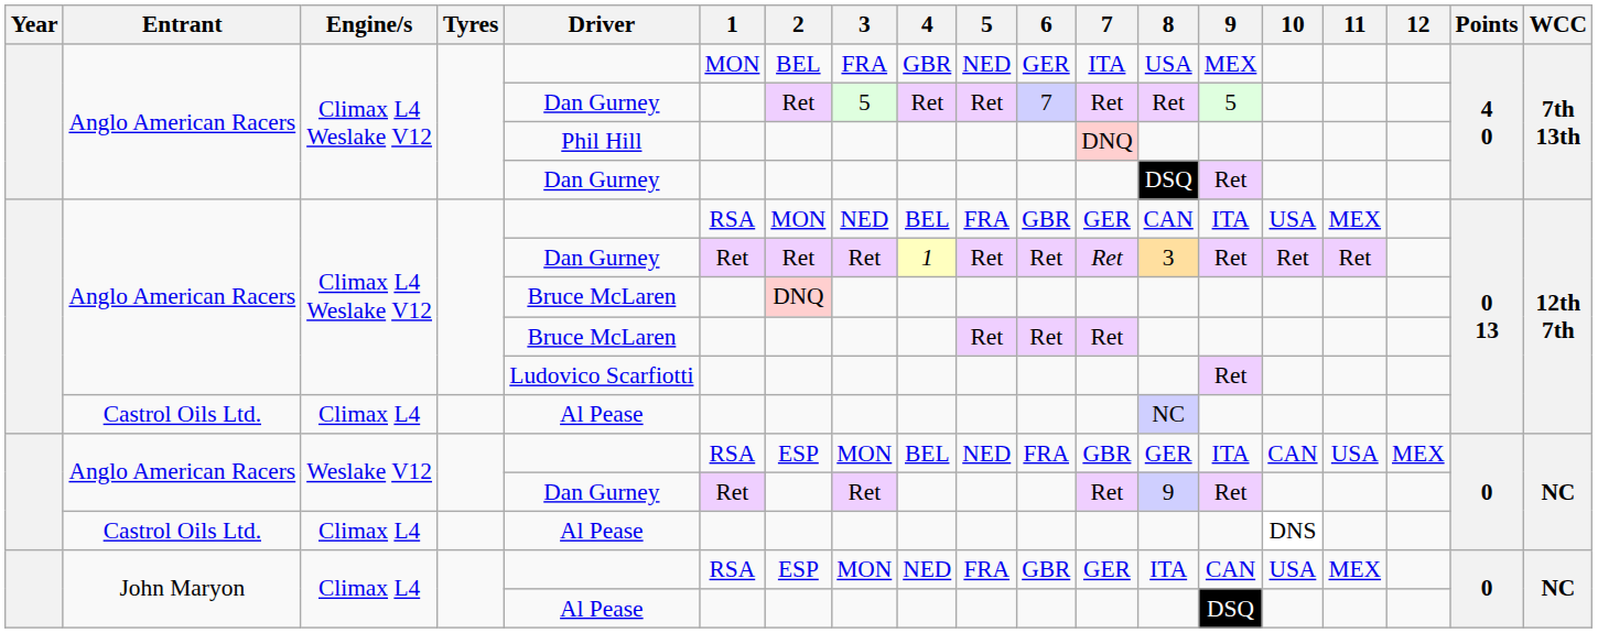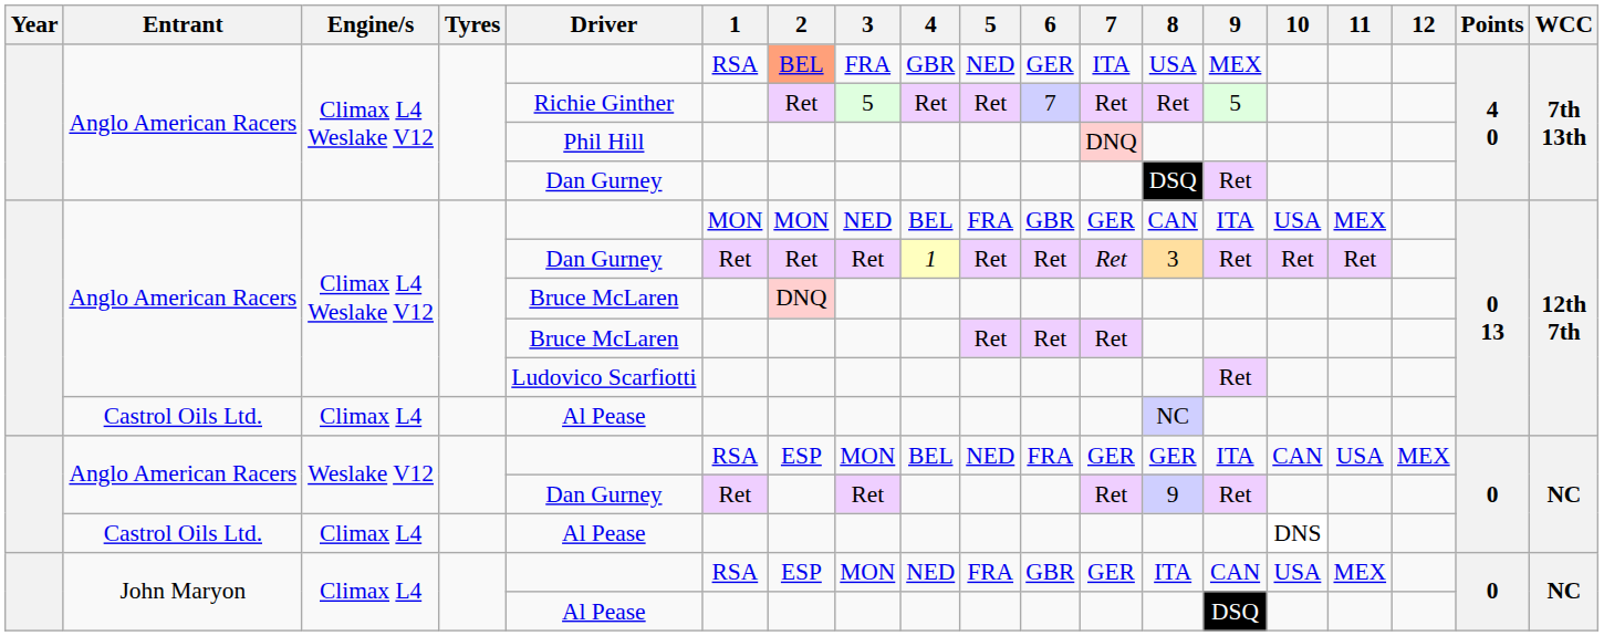 <table class="wikitable" style="text-align:center; font-size:95%">
 <tr>
 <th>Year</th>
 <th>Entrant</th>
 <th>Engine/s</th>
 <th>Tyres</th>
 <th>Driver</th>
 <th>1</th>
 <th>2</th>
 <th>3</th>
 <th>4</th>
 <th>5</th>
 <th>6</th>
 <th>7</th>
 <th>8</th>
 <th>9</th>
 <th>10</th>
 <th>11</th>
 <th>12</th>
 <th>Points</th>
 <th>WCC</th>
 </tr>
 <tr>
 <th rowspan="4"></th>
 <td rowspan="4"><a href='#'>Anglo American Racers</a></td>
 <td rowspan="4"><a href='#'>Climax</a> <a href='#'>L4</a><br><a href='#'>Weslake</a> <a href='#'>V12</a></td>
 <td rowspan="4"></td>
 <td></td>
-<td><a href='#'>MON</a></td>
-<td><a href='#'>BEL</a></td>
+<td><a href='#'>RSA</a></td>
+<td style="background: lightsalmon;"><a href='#'>BEL</a></td>
 <td><a href='#'>FRA</a></td>
 <td><a href='#'>GBR</a></td>
 <td><a href='#'>NED</a></td>
 <td><a href='#'>GER</a></td>
 <td><a href='#'>ITA</a></td>
 <td><a href='#'>USA</a></td>
 <td><a href='#'>MEX</a></td>
 <td></td>
 <td></td>
 <td></td>
 <th rowspan="4">4<br>0</th>
 <th rowspan="4">7th<br>13th</th>
 </tr>
 <tr>
-<td><a href='#'>Dan Gurney</a></td>
+<td><a href='#'>Richie Ginther</a></td>
 <td></td>
 <td style="background:#EFCFFF;">Ret</td>
 <td style="background:#DFFFDF;">5</td>
 <td style="background:#EFCFFF;">Ret</td>
 <td style="background:#EFCFFF;">Ret</td>
 <td style="background:#CFCFFF;">7</td>
 <td style="background:#EFCFFF;">Ret</td>
 <td style="background:#EFCFFF;">Ret</td>
 <td style="background:#DFFFDF;">5</td>
 <td></td>
 <td></td>
 <td></td>
 </tr>
 <tr>
 <td><a href='#'>Phil Hill</a></td>
 <td></td>
 <td></td>
 <td></td>
 <td></td>
 <td></td>
 <td></td>
 <td style="background:#FFCFCF;">DNQ</td>
 <td></td>
 <td></td>
 <td></td>
 <td></td>
 <td></td>
 </tr>
 <tr>
 <td><a href='#'>Dan Gurney</a></td>
 <td></td>
 <td></td>
 <td></td>
 <td></td>
 <td></td>
 <td></td>
 <td></td>
 <td style="background:#000000; color:#ffffff">DSQ</td>
 <td style="background:#EFCFFF;">Ret</td>
 <td></td>
 <td></td>
 <td></td>
 </tr>
 <tr>
 <th rowspan="6"></th>
 <td rowspan="5"><a href='#'>Anglo American Racers</a></td>
 <td rowspan="5"><a href='#'>Climax</a> <a href='#'>L4</a><br><a href='#'>Weslake</a> <a href='#'>V12</a></td>
 <td rowspan="5"></td>
 <td></td>
-<td><a href='#'>RSA</a></td>
+<td><a href='#'>MON</a></td>
 <td><a href='#'>MON</a></td>
 <td><a href='#'>NED</a></td>
 <td><a href='#'>BEL</a></td>
 <td><a href='#'>FRA</a></td>
 <td><a href='#'>GBR</a></td>
 <td><a href='#'>GER</a></td>
 <td><a href='#'>CAN</a></td>
 <td><a href='#'>ITA</a></td>
 <td><a href='#'>USA</a></td>
 <td><a href='#'>MEX</a></td>
 <td></td>
 <th rowspan="6">0<br>13</th>
 <th rowspan="6">12th<br>7th</th>
 </tr>
 <tr>
 <td><a href='#'>Dan Gurney</a></td>
 <td style="background:#EFCFFF;">Ret</td>
 <td style="background:#EFCFFF;">Ret</td>
 <td style="background:#EFCFFF;">Ret</td>
 <td style="background:#FFFFBF;"><em>1</em></td>
 <td style="background:#EFCFFF;">Ret</td>
 <td style="background:#EFCFFF;">Ret</td>
 <td style="background:#EFCFFF;"><em>Ret</em></td>
 <td style="background:#FFDF9F;">3</td>
 <td style="background:#EFCFFF;">Ret</td>
 <td style="background:#EFCFFF;">Ret</td>
 <td style="background:#EFCFFF;">Ret</td>
 <td></td>
 </tr>
 <tr>
 <td><a href='#'>Bruce McLaren</a></td>
 <td></td>
 <td style="background:#FFCFCF;">DNQ</td>
 <td></td>
 <td></td>
 <td></td>
 <td></td>
 <td></td>
 <td></td>
 <td></td>
 <td></td>
 <td></td>
 <td></td>
 </tr>
 <tr>
 <td><a href='#'>Bruce McLaren</a></td>
 <td></td>
 <td></td>
 <td></td>
 <td></td>
 <td style="background:#EFCFFF;">Ret</td>
 <td style="background:#EFCFFF;">Ret</td>
 <td style="background:#EFCFFF;">Ret</td>
 <td></td>
 <td></td>
 <td></td>
 <td></td>
 <td></td>
 </tr>
 <tr>
 <td><a href='#'>Ludovico Scarfiotti</a></td>
 <td></td>
 <td></td>
 <td></td>
 <td></td>
 <td></td>
 <td></td>
 <td></td>
 <td></td>
 <td style="background:#EFCFFF;">Ret</td>
 <td></td>
 <td></td>
 <td></td>
 </tr>
 <tr>
 <td><a href='#'>Castrol Oils Ltd.</a></td>
 <td><a href='#'>Climax</a> <a href='#'>L4</a></td>
 <td></td>
 <td><a href='#'>Al Pease</a></td>
 <td></td>
 <td></td>
 <td></td>
 <td></td>
 <td></td>
 <td></td>
 <td></td>
 <td style="background:#CFCFFF;">NC</td>
 <td></td>
 <td></td>
 <td></td>
 <td></td>
 </tr>
 <tr>
 <th rowspan="3"></th>
 <td rowspan="2"><a href='#'>Anglo American Racers</a></td>
 <td rowspan="2"><a href='#'>Weslake</a> <a href='#'>V12</a></td>
 <td rowspan="2"></td>
 <td></td>
 <td><a href='#'>RSA</a></td>
 <td><a href='#'>ESP</a></td>
 <td><a href='#'>MON</a></td>
 <td><a href='#'>BEL</a></td>
 <td><a href='#'>NED</a></td>
 <td><a href='#'>FRA</a></td>
-<td><a href='#'>GBR</a></td>
+<td><a href='#'>GER</a></td>
 <td><a href='#'>GER</a></td>
 <td><a href='#'>ITA</a></td>
 <td><a href='#'>CAN</a></td>
 <td><a href='#'>USA</a></td>
 <td><a href='#'>MEX</a></td>
 <th rowspan="3">0</th>
 <th rowspan="3">NC</th>
 </tr>
 <tr>
 <td><a href='#'>Dan Gurney</a></td>
 <td style="background:#EFCFFF;">Ret</td>
 <td></td>
 <td style="background:#EFCFFF;">Ret</td>
 <td></td>
 <td></td>
 <td></td>
 <td style="background:#EFCFFF;">Ret</td>
 <td style="background:#CFCFFF;">9</td>
 <td style="background:#EFCFFF;">Ret</td>
 <td></td>
 <td></td>
 <td></td>
 </tr>
 <tr>
 <td><a href='#'>Castrol Oils Ltd.</a></td>
 <td><a href='#'>Climax</a> <a href='#'>L4</a></td>
 <td></td>
 <td><a href='#'>Al Pease</a></td>
 <td></td>
 <td></td>
 <td></td>
 <td></td>
 <td></td>
 <td></td>
 <td></td>
 <td></td>
 <td></td>
 <td style="background:#ffffff;">DNS</td>
 <td></td>
 <td></td>
 </tr>
 <tr>
 <th rowspan="2"></th>
 <td rowspan="2">John Maryon</td>
 <td rowspan="2"><a href='#'>Climax</a> <a href='#'>L4</a></td>
 <td rowspan="2"></td>
 <td></td>
 <td><a href='#'>RSA</a></td>
 <td><a href='#'>ESP</a></td>
 <td><a href='#'>MON</a></td>
 <td><a href='#'>NED</a></td>
 <td><a href='#'>FRA</a></td>
 <td><a href='#'>GBR</a></td>
 <td><a href='#'>GER</a></td>
 <td><a href='#'>ITA</a></td>
 <td><a href='#'>CAN</a></td>
 <td><a href='#'>USA</a></td>
 <td><a href='#'>MEX</a></td>
 <td></td>
 <th rowspan="2">0</th>
 <th rowspan="2">NC</th>
 </tr>
 <tr>
 <td><a href='#'>Al Pease</a></td>
 <td></td>
 <td></td>
 <td></td>
 <td></td>
 <td></td>
 <td></td>
 <td></td>
 <td></td>
 <td style="background:#000000; color:#ffffff">DSQ</td>
 <td></td>
 <td></td>
 <td></td>
 </tr>
 </table>
